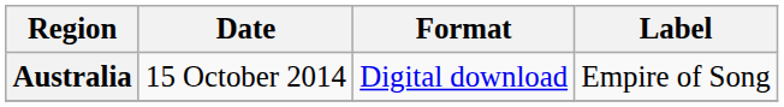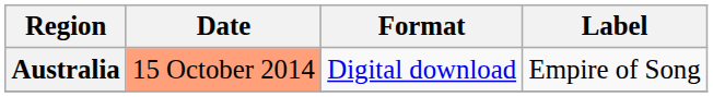 <table class="wikitable plainrowheaders">
 <tr>
 <th scope="col">Region</th>
 <th scope="col">Date</th>
 <th scope="col">Format</th>
 <th scope="col">Label</th>
 </tr>
 <tr>
 <th scope="row">Australia</th>
-<td>15 October 2014</td>
+<td style="background: lightsalmon;">15 October 2014</td>
 <td><a href='#'>Digital download</a></td>
 <td>Empire of Song</td>
 </tr>
 <tr>
 </tr>
 </table>
